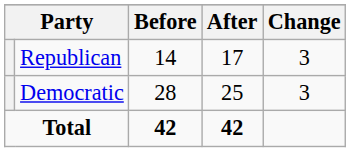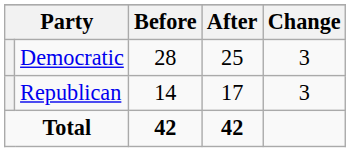 <table class="wikitable" style="text-align:center;">
 <tr>
 </tr>
 <tr>
 <th colspan=2>Party</th>
 <th>Before</th>
 <th>After</th>
 <th>Change</th>
 </tr>
 <tr>
 <th style="background-color:"></th>
-<td style="text-align:left;"><a href='#'>Republican</a></td>
-<td>14</td>
-<td>17</td>
+<td style="text-align:left;"><a href='#'>Democratic</a></td>
+<td>28</td>
+<td>25</td>
 <td> 3</td>
 </tr>
 <tr>
 <th style="background-color:"></th>
-<td style="text-align:left;"><a href='#'>Democratic</a></td>
-<td>28</td>
-<td>25</td>
+<td style="text-align:left;"><a href='#'>Republican</a></td>
+<td>14</td>
+<td>17</td>
 <td> 3</td>
 </tr>
 <tr>
 <td colspan=2><strong>Total</strong></td>
 <td><strong>42</strong></td>
 <td><strong>42</strong></td>
 <td></td>
 </tr>
 </table>
